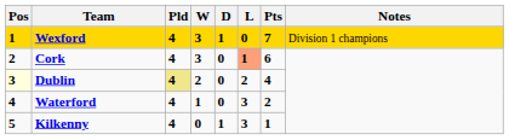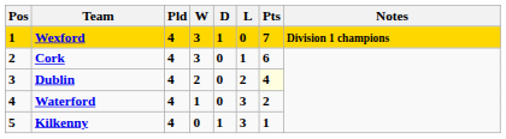 <table class="wikitable" style="text-align: centre;">
 <tr>
 <th width=20>Pos</th>
 <th width=150>Team</th>
 <th width=20>Pld</th>
 <th width=20>W</th>
 <th width=20>D</th>
 <th width=20>L</th>
 <th width=20>Pts</th>
 <th width=250>Notes</th>
 </tr>
 <tr style="background:gold;">
 <td><strong>1</strong></td>
 <td align=left><strong> <a href='#'>Wexford</a> </strong></td>
 <td><strong>4</strong></td>
 <td><strong>3</strong></td>
 <td><strong>1</strong></td>
 <td><strong>0</strong></td>
 <td><strong>7</strong></td>
-<td><small> Division 1 champions</small></td>
+<td><strong><small> Division 1 champions</small></strong></td>
 </tr>
 <tr style>
 <td><strong>2</strong></td>
 <td align=left><strong> <a href='#'>Cork</a> </strong></td>
 <td><strong>4</strong></td>
 <td><strong>3</strong></td>
 <td><strong>0</strong></td>
-<td style="background: lightsalmon;"><strong>1</strong></td>
+<td><strong>1</strong></td>
 <td><strong>6</strong></td>
 </tr>
 <tr>
-<td style="background: lightyellow;"><strong>3</strong></td>
+<td><strong>3</strong></td>
 <td align=left><strong> <a href='#'>Dublin</a> </strong></td>
-<td style="background: khaki;"><strong>4</strong></td>
+<td><strong>4</strong></td>
 <td><strong>2</strong></td>
 <td><strong>0</strong></td>
 <td><strong>2</strong></td>
-<td><strong>4</strong></td>
+<td style="background: lightyellow;"><strong>4</strong></td>
 </tr>
 <tr style>
 <td><strong>4</strong></td>
 <td align=left><strong> <a href='#'>Waterford</a> </strong></td>
 <td><strong>4</strong></td>
 <td><strong>1</strong></td>
 <td><strong>0</strong></td>
 <td><strong>3</strong></td>
 <td><strong>2</strong></td>
 </tr>
 <tr>
 <td><strong>5</strong></td>
 <td align=left><strong> <a href='#'>Kilkenny</a> </strong></td>
 <td><strong>4</strong></td>
 <td><strong>0</strong></td>
 <td><strong>1</strong></td>
 <td><strong>3</strong></td>
 <td><strong>1</strong></td>
 </tr>
 </table>
